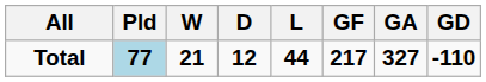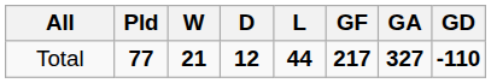 <table class="wikitable" style="text-align: center;">
 <tr>
 <th width=70>All</th>
 <th width=30>Pld</th>
 <th width=30>W</th>
 <th width=30>D</th>
 <th width=30>L</th>
 <th width=30>GF</th>
 <th width=30>GA</th>
 <th width=30>GD</th>
 </tr>
 <tr>
-<td><strong>Total</strong></td>
-<td style="background: lightblue;"><strong>77</strong></td>
+<td>Total</td>
+<td><strong>77</strong></td>
 <td><strong>21</strong></td>
 <td><strong>12</strong></td>
 <td><strong>44</strong></td>
 <td><strong>217</strong></td>
 <td><strong>327</strong></td>
 <td><strong>-110</strong></td>
 </tr>
 </table>
